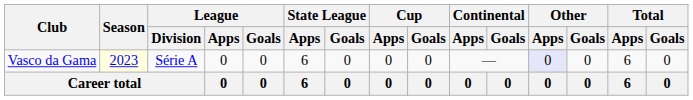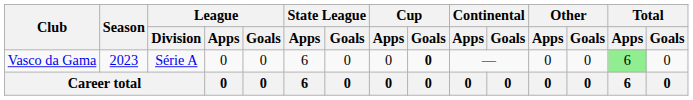 <table class="wikitable" style="text-align:center">
 <tr>
 <th rowspan="2">Club</th>
 <th rowspan="2">Season</th>
 <th colspan="3">League</th>
 <th colspan="2">State League</th>
 <th colspan="2">Cup</th>
 <th colspan="2">Continental</th>
 <th colspan="2">Other</th>
 <th colspan="2">Total</th>
 </tr>
 <tr>
 <th>Division</th>
 <th>Apps</th>
 <th>Goals</th>
 <th>Apps</th>
 <th>Goals</th>
 <th>Apps</th>
 <th>Goals</th>
 <th>Apps</th>
 <th>Goals</th>
 <th>Apps</th>
 <th>Goals</th>
 <th>Apps</th>
 <th>Goals</th>
 </tr>
 <tr>
 <td><a href='#'>Vasco da Gama</a></td>
-<td style="background: lightyellow;"><a href='#'>2023</a></td>
+<td><a href='#'>2023</a></td>
 <td><a href='#'>Série A</a></td>
 <td>0</td>
 <td>0</td>
 <td>6</td>
 <td>0</td>
 <td>0</td>
+<td><strong>0</strong></td>
+<td colspan=2>—</td>
 <td>0</td>
-<td colspan=2>—</td>
-<td style="background: lavender;">0</td>
 <td>0</td>
-<td>6</td>
+<td style="background: lightgreen;">6</td>
 <td>0</td>
 </tr>
 <tr>
 <th colspan=3><strong>Career total</strong></th>
 <th>0</th>
 <th>0</th>
 <th>6</th>
 <th>0</th>
 <th>0</th>
 <th>0</th>
 <th>0</th>
 <th>0</th>
 <th>0</th>
 <th>0</th>
 <th>6</th>
 <th>0</th>
 </tr>
 </table>
